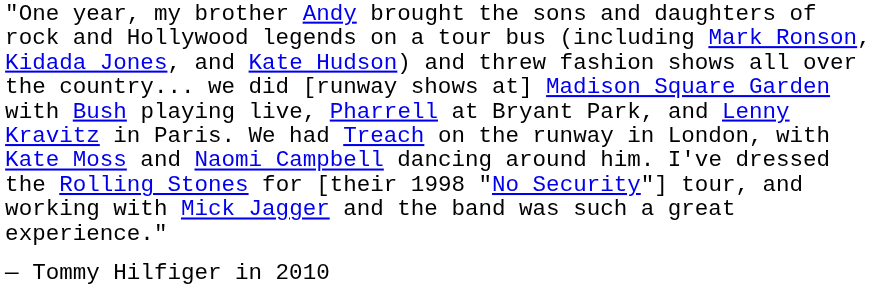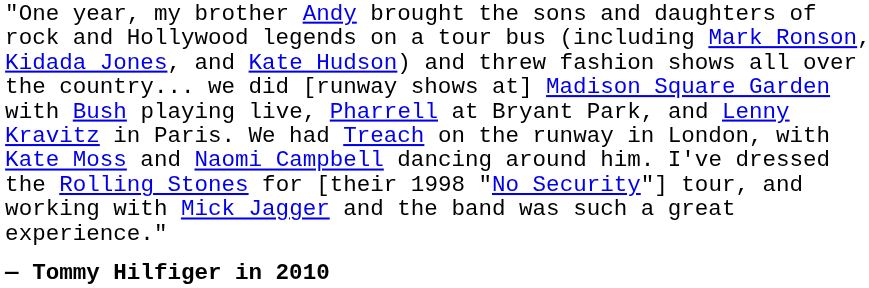 <table class="toccolours" style="float:right; margin-left:2em; margin-right:0; font-size:85%; background:offwhite; color:black; width:40em; max-width:40%;" cellspacing="5">
 <tr>
 <td style="text-align: left;">"One year, my brother <a href='#'>Andy</a> brought the sons and daughters of rock and Hollywood legends on a tour bus (including <a href='#'>Mark Ronson</a>, <a href='#'>Kidada Jones</a>, and <a href='#'>Kate Hudson</a>) and threw fashion shows all over the country... we did [runway shows at] <a href='#'>Madison Square Garden</a> with <a href='#'>Bush</a> playing live, <a href='#'>Pharrell</a> at Bryant Park, and <a href='#'>Lenny Kravitz</a> in Paris. We had <a href='#'>Treach</a> on the runway in London, with <a href='#'>Kate Moss</a> and <a href='#'>Naomi Campbell</a> dancing around him. I've dressed the <a href='#'>Rolling Stones</a> for [their 1998 "<a href='#'>No Security</a>"] tour, and working with <a href='#'>Mick Jagger</a> and the band was such a great experience."</td>
 </tr>
 <tr>
-<td style="text-align: left;">— Tommy Hilfiger in 2010</td>
+<td style="text-align: left;"><strong>— Tommy Hilfiger in 2010</strong></td>
 </tr>
 </table>
